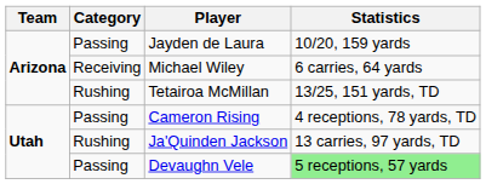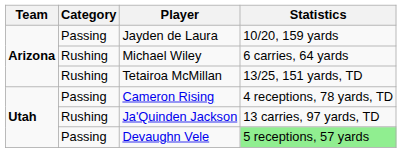 <table class="wikitable" style="float: right;">
 <tr>
 <th>Team</th>
 <th>Category</th>
 <th>Player</th>
 <th>Statistics</th>
 </tr>
 <tr>
 <td rowspan=3><strong>Arizona</strong></td>
 <td>Passing</td>
 <td>Jayden de Laura</td>
 <td>10/20, 159 yards</td>
 </tr>
 <tr>
-<td>Receiving</td>
+<td>Rushing</td>
 <td>Michael Wiley</td>
 <td>6 carries, 64 yards</td>
 </tr>
 <tr>
 <td>Rushing</td>
 <td>Tetairoa McMillan</td>
 <td>13/25, 151 yards, TD</td>
 </tr>
 <tr>
 <td rowspan=3><strong>Utah</strong></td>
 <td>Passing</td>
 <td><a href='#'>Cameron Rising</a></td>
 <td>4 receptions, 78 yards, TD</td>
 </tr>
 <tr>
 <td>Rushing</td>
 <td><a href='#'>Ja'Quinden Jackson</a></td>
 <td>13 carries, 97 yards, TD</td>
 </tr>
 <tr>
 <td>Passing</td>
 <td><a href='#'>Devaughn Vele</a></td>
 <td style="background: lightgreen;">5 receptions, 57 yards</td>
 </tr>
 </table>
